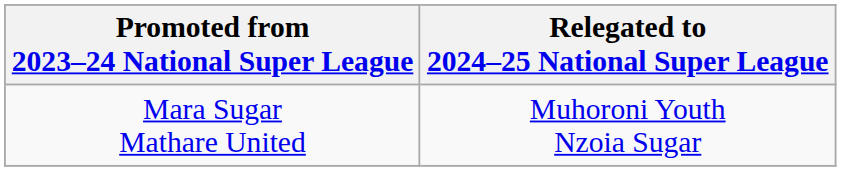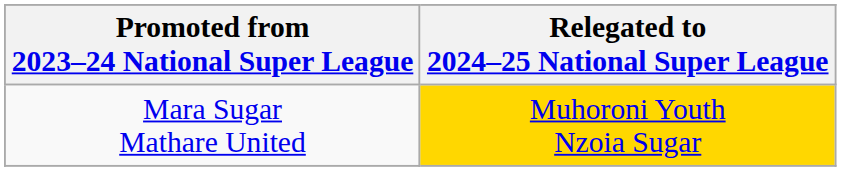 <table class="wikitable">
 <tr>
 <th> Promoted from<br><a href='#'>2023–24 National Super League</a></th>
 <th> Relegated to<br><a href='#'>2024–25 National Super League</a></th>
 </tr>
 <tr>
 <td align="center"><a href='#'>Mara Sugar</a><br><a href='#'>Mathare United</a></td>
-<td align="center"><a href='#'>Muhoroni Youth</a><br><a href='#'>Nzoia Sugar</a></td>
+<td align="center" style="background: gold;"><a href='#'>Muhoroni Youth</a><br><a href='#'>Nzoia Sugar</a></td>
 </tr>
 </table>
